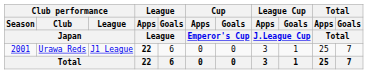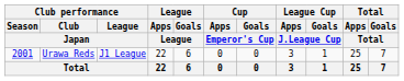 <table class="wikitable" style="text-align:center;">
 <tr>
 <th colspan=3>Club performance</th>
 <th colspan=2>League</th>
 <th colspan=2>Cup</th>
 <th colspan=2>League Cup</th>
 <th colspan=2>Total</th>
 </tr>
 <tr>
 <th>Season</th>
 <th>Club</th>
 <th>League</th>
 <th>Apps</th>
 <th>Goals</th>
 <th>Apps</th>
 <th>Goals</th>
 <th>Apps</th>
 <th>Goals</th>
 <th>Apps</th>
 <th>Goals</th>
 </tr>
 <tr>
 <th colspan=3>Japan</th>
 <th colspan=2>League</th>
 <th colspan=2><a href='#'>Emperor's Cup</a></th>
 <th colspan=2><a href='#'>J.League Cup</a></th>
 <th colspan=2>Total</th>
 </tr>
 <tr>
 <td><a href='#'>2001</a></td>
 <td><a href='#'>Urawa Reds</a></td>
 <td><a href='#'>J1 League</a></td>
-<td><strong>22</strong></td>
+<td>22</td>
 <td>6</td>
 <td>0</td>
 <td>0</td>
 <td>3</td>
 <td>1</td>
 <td>25</td>
 <td>7</td>
 </tr>
 <tr>
 <th colspan=3>Total</th>
 <th>22</th>
 <th>6</th>
 <th>0</th>
 <th>0</th>
 <th>3</th>
 <th>1</th>
 <th>25</th>
 <th>7</th>
 </tr>
 </table>
